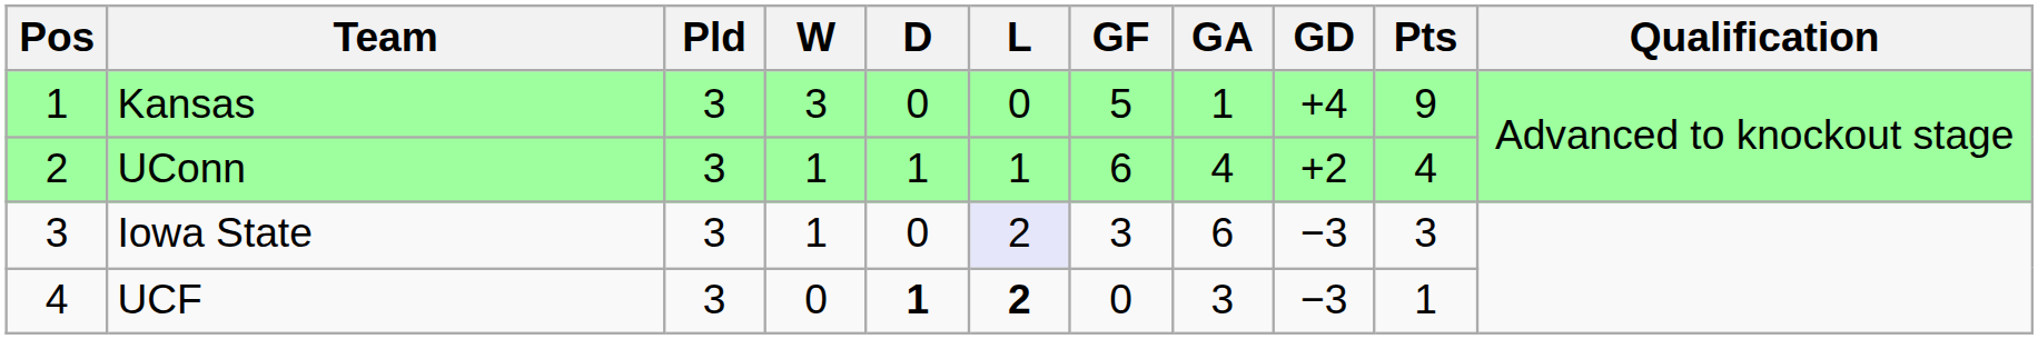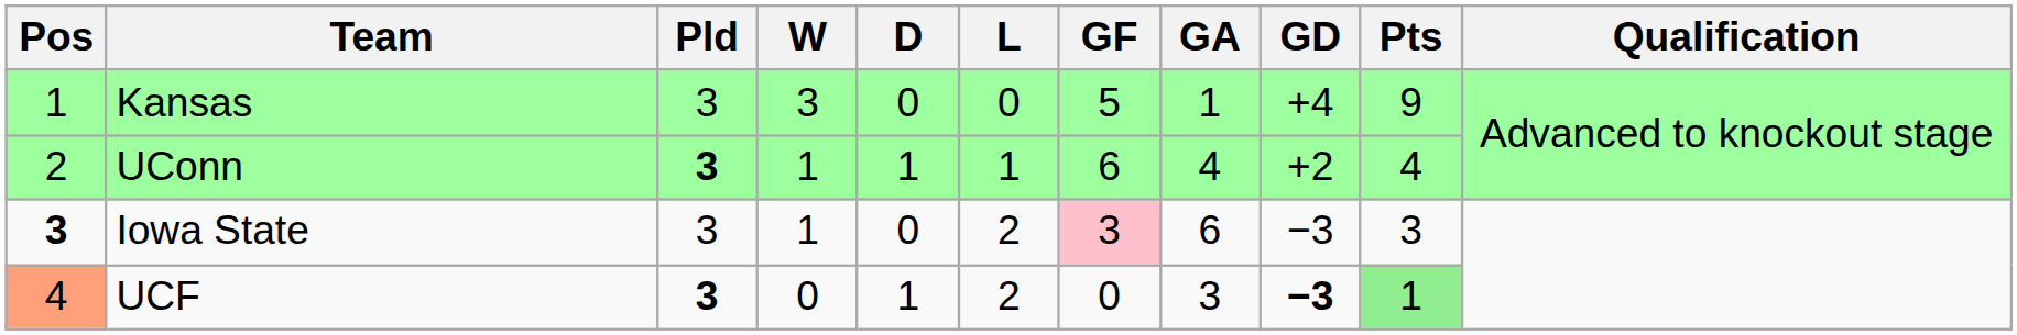 <table class="wikitable" style="text-align:center; margin: 1em auto">
 <tr>
 <th style="width:2em">Pos</th>
 <th style="width:13em">Team</th>
 <th style="width:2em">Pld</th>
 <th style="width:2em">W</th>
 <th style="width:2em">D</th>
 <th style="width:2em">L</th>
 <th style="width:2em">GF</th>
 <th style="width:2em">GA</th>
 <th style="width:2em">GD</th>
 <th style="width:2em">Pts</th>
 <th style="width:13em">Qualification</th>
 </tr>
 <tr bgcolor="#9eff9e">
 <td>1</td>
 <td style="text-align:left">Kansas</td>
 <td>3</td>
 <td>3</td>
 <td>0</td>
 <td>0</td>
 <td>5</td>
 <td>1</td>
 <td>+4</td>
 <td>9</td>
 <td rowspan="2">Advanced to knockout stage</td>
 </tr>
 <tr bgcolor="#9eff9e">
 <td>2</td>
 <td style="text-align:left">UConn</td>
-<td>3</td>
+<td><strong>3</strong></td>
 <td>1</td>
 <td>1</td>
 <td>1</td>
 <td>6</td>
 <td>4</td>
 <td>+2</td>
 <td>4</td>
 </tr>
 <tr>
-<td>3</td>
+<td><strong>3</strong></td>
 <td style="text-align:left">Iowa State</td>
 <td>3</td>
 <td>1</td>
 <td>0</td>
-<td style="background: lavender;">2</td>
-<td>3</td>
+<td>2</td>
+<td style="background: pink;">3</td>
 <td>6</td>
 <td>−3</td>
 <td>3</td>
 </tr>
 <tr>
-<td>4</td>
+<td style="background: lightsalmon;">4</td>
 <td style="text-align:left">UCF</td>
-<td>3</td>
+<td><strong>3</strong></td>
 <td>0</td>
-<td><strong>1</strong></td>
-<td><strong>2</strong></td>
+<td>1</td>
+<td>2</td>
 <td>0</td>
 <td>3</td>
-<td>−3</td>
-<td>1</td>
+<td><strong>−3</strong></td>
+<td style="background: lightgreen;">1</td>
 </tr>
 </table>
